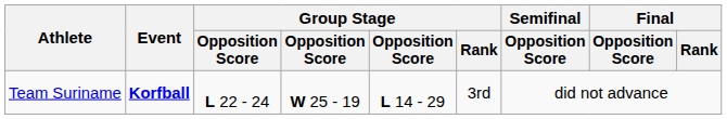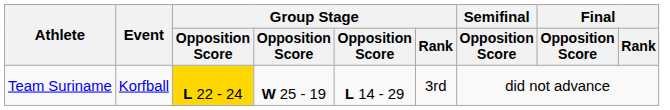 <table class="wikitable" style="font-size:90%">
 <tr>
 <th rowspan=2>Athlete</th>
 <th rowspan=2>Event</th>
 <th colspan=4>Group Stage</th>
 <th>Semifinal</th>
 <th colspan=2>Final</th>
 </tr>
 <tr style="font-size:95%">
 <th>Opposition<br>Score</th>
 <th>Opposition<br>Score</th>
 <th>Opposition<br>Score</th>
 <th>Rank</th>
 <th>Opposition<br>Score</th>
 <th>Opposition<br>Score</th>
 <th>Rank</th>
 </tr>
 <tr align=center>
 <td align=left><a href='#'>Team Suriname</a></td>
-<td align=left><strong><a href='#'>Korfball</a></strong></td>
-<td><br> <strong>L</strong> 22 - 24</td>
+<td align=left><a href='#'>Korfball</a></td>
+<td style="background: gold;"><br> <strong>L</strong> 22 - 24</td>
 <td><br> <strong>W</strong> 25 - 19</td>
 <td><br> <strong>L</strong> 14 - 29</td>
 <td>3rd</td>
 <td align=center colspan=3>did not advance</td>
 </tr>
 </table>
